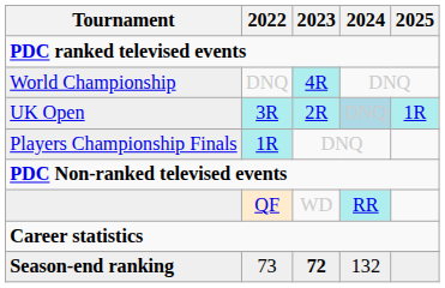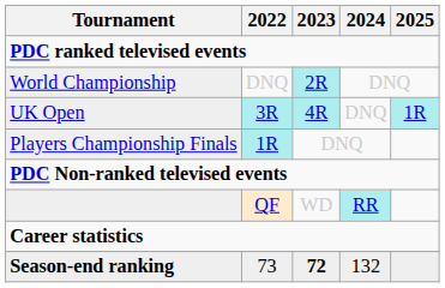 <table class="wikitable">
 <tr>
 <th>Tournament</th>
 <th>2022</th>
 <th>2023</th>
 <th>2024</th>
 <th>2025</th>
 </tr>
 <tr>
 <td colspan="10" align="left"><strong><a href='#'>PDC</a> ranked televised events</strong></td>
 </tr>
 <tr>
 <td style="background:#efefef;"><a href='#'>World Championship</a></td>
 <td style="text-align:center; color:#ccc;">DNQ</td>
-<td style="text-align:center; background:#afeeee;"><a href='#'>4R</a></td>
+<td style="text-align:center; background:#afeeee;"><a href='#'>2R</a></td>
 <td colspan="2" style="text-align:center; color:#ccc;">DNQ</td>
 </tr>
 <tr>
 <td style="background:#efefef;"><a href='#'>UK Open</a></td>
 <td style="text-align:center; background:#afeeee;"><a href='#'>3R</a></td>
-<td style="text-align:center; background:#afeeee;"><a href='#'>2R</a></td>
-<td style="background: lightblue; text-align:center; color:#ccc;">DNQ</td>
+<td style="text-align:center; background:#afeeee;"><a href='#'>4R</a></td>
+<td style="text-align:center; color:#ccc;">DNQ</td>
 <td style="text-align:center; background:#afeeee;"><a href='#'>1R</a></td>
 </tr>
 <tr>
 <td style="background:#efefef;"><a href='#'>Players Championship Finals</a></td>
 <td style="text-align:center; background:#afeeee;"><a href='#'>1R</a></td>
 <td colspan="2" style="text-align:center; color:#ccc;">DNQ</td>
 <td></td>
 </tr>
 <tr>
 <td colspan="10" align="left"><strong><a href='#'>PDC</a> Non-ranked televised events</strong></td>
 </tr>
 <tr>
 <td style="background:#efefef;"></td>
 <td style="text-align:center; background:#ffebcd;"><a href='#'>QF</a></td>
 <td style="text-align:center; color:#ccc;">WD</td>
 <td style="text-align:center; background:#afeeee;"><a href='#'>RR</a></td>
 <td></td>
 </tr>
 <tr>
 <td colspan="9" align="left"><strong>Career statistics</strong></td>
 </tr>
 <tr>
 </tr>
 <tr bgcolor="efefef">
 <td align="left"><strong>Season-end ranking</strong></td>
 <td style="text-align:center;">73</td>
 <td style="text-align:center;"><strong>72</strong></td>
 <td style="text-align:center;">132</td>
 <td></td>
 </tr>
 </table>
